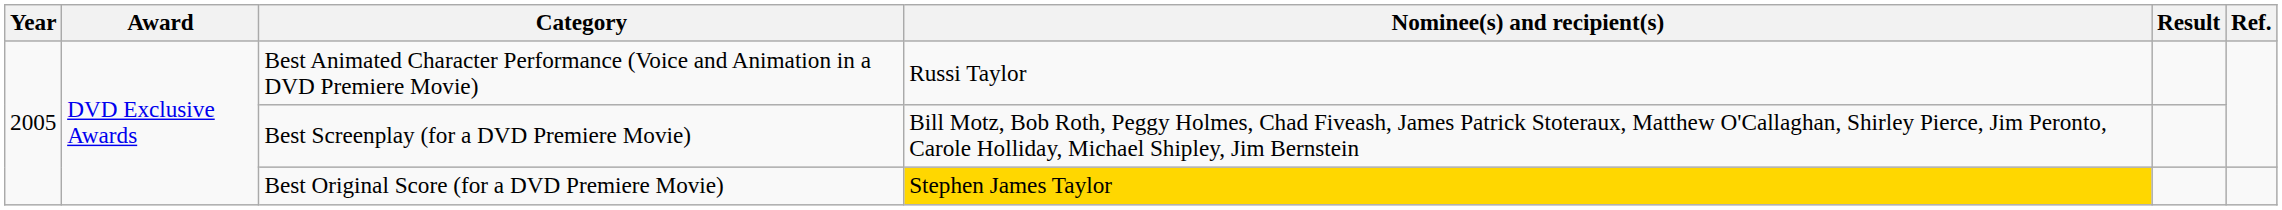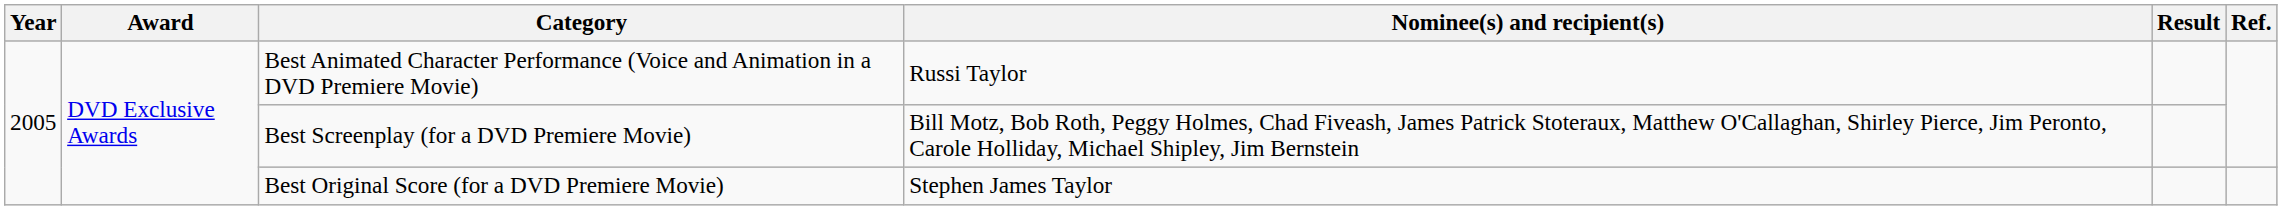 <table class="wikitable">
 <tr>
 <th>Year</th>
 <th>Award</th>
 <th>Category</th>
 <th>Nominee(s) and recipient(s)</th>
 <th>Result</th>
 <th>Ref.</th>
 </tr>
 <tr>
 <td rowspan="3">2005</td>
 <td rowspan="3"><a href='#'>DVD Exclusive Awards</a></td>
 <td>Best Animated Character Performance (Voice and Animation in a DVD Premiere Movie)</td>
 <td>Russi Taylor</td>
 <td></td>
 <td rowspan="2" style="text-align:center;"></td>
 </tr>
 <tr>
 <td>Best Screenplay (for a DVD Premiere Movie)</td>
 <td>Bill Motz, Bob Roth, Peggy Holmes, Chad Fiveash, James Patrick Stoteraux, Matthew O'Callaghan, Shirley Pierce, Jim Peronto, Carole Holliday, Michael Shipley, Jim Bernstein</td>
 <td></td>
 </tr>
 <tr>
 <td>Best Original Score (for a DVD Premiere Movie)</td>
-<td style="background: gold;">Stephen James Taylor</td>
+<td>Stephen James Taylor</td>
 <td></td>
 <td style="text-align:center;"></td>
 </tr>
 </table>
